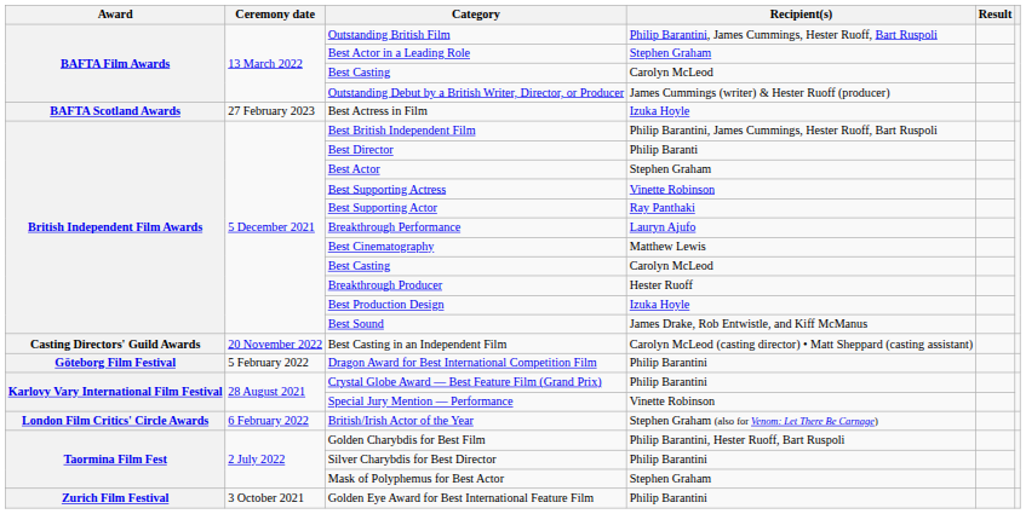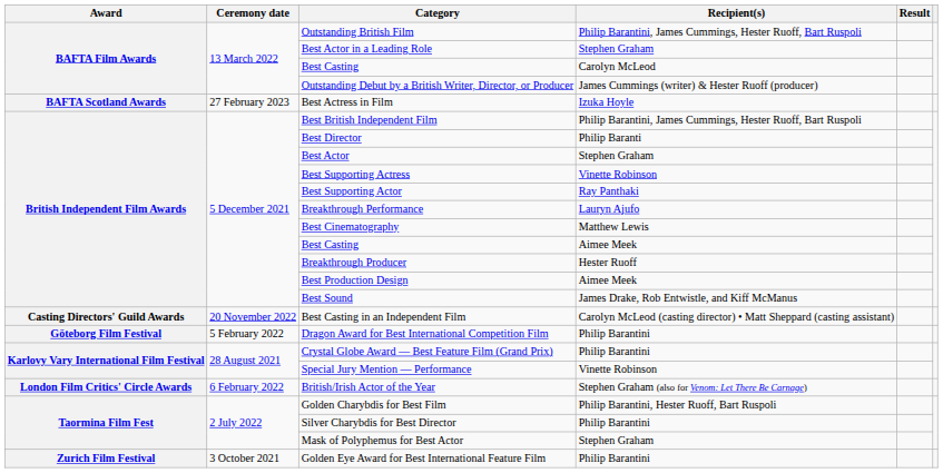 <table class="wikitable sortable plainrowheaders">
 <tr>
 <th scope="col">Award</th>
 <th scope="col">Ceremony date</th>
 <th scope="col">Category</th>
 <th scope="col">Recipient(s)</th>
 <th scope="col">Result</th>
 <th scope="col" class="unsortable"></th>
 </tr>
 <tr>
 <th scope="row" rowspan="4"><a href='#'>BAFTA Film Awards</a></th>
 <td rowspan="4"><a href='#'>13 March 2022</a></td>
 <td><a href='#'>Outstanding British Film</a></td>
 <td><a href='#'>Philip Barantini</a>, James Cummings, Hester Ruoff, <a href='#'>Bart Ruspoli</a></td>
 <td></td>
 <td rowspan="4" align="center"></td>
 </tr>
 <tr>
 <td><a href='#'>Best Actor in a Leading Role</a></td>
 <td><a href='#'>Stephen Graham</a></td>
 <td></td>
 </tr>
 <tr>
 <td><a href='#'>Best Casting</a></td>
 <td>Carolyn McLeod</td>
 <td></td>
 </tr>
 <tr>
 <td><a href='#'>Outstanding Debut by a British Writer, Director, or Producer</a></td>
 <td>James Cummings (writer) & Hester Ruoff (producer)</td>
 <td></td>
 </tr>
 <tr>
 <th scope="row"><a href='#'>BAFTA Scotland Awards</a></th>
 <td>27 February 2023</td>
 <td>Best Actress in Film</td>
 <td><a href='#'>Izuka Hoyle</a></td>
 <td></td>
 <td align="center"></td>
 </tr>
 <tr>
 <th scope="row" rowspan="11"><a href='#'>British Independent Film Awards</a></th>
 <td rowspan="11"><a href='#'>5 December 2021</a></td>
 <td><a href='#'>Best British Independent Film</a></td>
 <td>Philip Barantini, James Cummings, Hester Ruoff, Bart Ruspoli</td>
 <td></td>
 <td rowspan="11" align="center"></td>
 </tr>
 <tr>
 <td><a href='#'>Best Director</a></td>
 <td>Philip Baranti</td>
 <td></td>
 </tr>
 <tr>
 <td><a href='#'>Best Actor</a></td>
 <td>Stephen Graham</td>
 <td></td>
 </tr>
 <tr>
 <td><a href='#'>Best Supporting Actress</a></td>
 <td><a href='#'>Vinette Robinson</a></td>
 <td></td>
 </tr>
 <tr>
 <td><a href='#'>Best Supporting Actor</a></td>
 <td><a href='#'>Ray Panthaki</a></td>
 <td></td>
 </tr>
 <tr>
 <td><a href='#'>Breakthrough Performance</a></td>
 <td><a href='#'>Lauryn Ajufo</a></td>
 <td></td>
 </tr>
 <tr>
 <td><a href='#'>Best Cinematography</a></td>
 <td>Matthew Lewis</td>
 <td></td>
 </tr>
 <tr>
 <td><a href='#'>Best Casting</a></td>
-<td>Carolyn McLeod</td>
+<td>Aimee Meek</td>
 <td></td>
 </tr>
 <tr>
 <td><a href='#'>Breakthrough Producer</a></td>
 <td>Hester Ruoff</td>
 <td></td>
 </tr>
 <tr>
 <td><a href='#'>Best Production Design</a></td>
-<td><a href='#'>Izuka Hoyle</a></td>
+<td>Aimee Meek</td>
 <td></td>
 </tr>
 <tr>
 <td><a href='#'>Best Sound</a></td>
 <td>James Drake, Rob Entwistle, and Kiff McManus</td>
 <td></td>
 </tr>
 <tr>
 <th scope="row">Casting Directors' Guild Awards</th>
 <td><a href='#'>20 November 2022</a></td>
 <td>Best Casting in an Independent Film</td>
 <td>Carolyn McLeod (casting director) • Matt Sheppard (casting assistant)</td>
 <td></td>
 <td align="center"></td>
 </tr>
 <tr>
 <th scope="row"><a href='#'>Göteborg Film Festival</a></th>
 <td>5 February 2022</td>
 <td><a href='#'>Dragon Award for Best International Competition Film</a></td>
 <td>Philip Barantini</td>
 <td></td>
 <td align="center"></td>
 </tr>
 <tr>
 <th rowspan="2" scope="row"><a href='#'>Karlovy Vary International Film Festival</a></th>
 <td rowspan="2"><a href='#'>28 August 2021</a></td>
 <td><a href='#'>Crystal Globe Award — Best Feature Film (Grand Prix)</a></td>
 <td>Philip Barantini</td>
 <td></td>
 <td rowspan="2" align="center"></td>
 </tr>
 <tr>
 <td><a href='#'>Special Jury Mention — Performance</a></td>
 <td>Vinette Robinson</td>
 <td></td>
 </tr>
 <tr>
 <th scope="row"><a href='#'>London Film Critics' Circle Awards</a></th>
 <td><a href='#'>6 February 2022</a></td>
 <td><a href='#'>British/Irish Actor of the Year</a></td>
 <td>Stephen Graham <small>(also for <em><a href='#'>Venom: Let There Be Carnage</a></em>)</small></td>
 <td></td>
 <td align="center"></td>
 </tr>
 <tr>
 <th rowspan="3" scope="row"><a href='#'>Taormina Film Fest</a></th>
 <td rowspan="3"><a href='#'>2 July 2022</a></td>
 <td>Golden Charybdis for Best Film</td>
 <td>Philip Barantini, Hester Ruoff, Bart Ruspoli</td>
 <td></td>
 <td rowspan="3" align="center"></td>
 </tr>
 <tr>
 <td>Silver Charybdis for Best Director</td>
 <td>Philip Barantini</td>
 <td></td>
 </tr>
 <tr>
 <td>Mask of Polyphemus for Best Actor</td>
 <td>Stephen Graham</td>
 <td></td>
 </tr>
 <tr>
 <th scope="row"><a href='#'>Zurich Film Festival</a></th>
 <td>3 October 2021</td>
 <td>Golden Eye Award for Best International Feature Film</td>
 <td>Philip Barantini</td>
 <td></td>
 <td align="center"></td>
 </tr>
 </table>
